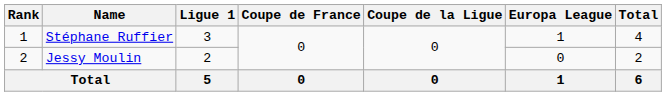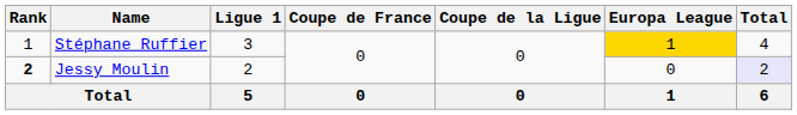 <table class="wikitable" style="text-align: center;">
 <tr>
 <th>Rank</th>
 <th>Name</th>
 <th>Ligue 1</th>
 <th>Coupe de France</th>
 <th>Coupe de la Ligue</th>
 <th>Europa League</th>
 <th>Total</th>
 </tr>
 <tr>
 <td>1</td>
 <td align=left> <a href='#'>Stéphane Ruffier</a></td>
 <td>3</td>
 <td rowspan=2>0</td>
 <td rowspan=2>0</td>
-<td>1</td>
+<td style="background: gold;">1</td>
 <td>4</td>
 </tr>
 <tr>
-<td>2</td>
+<td><strong>2</strong></td>
 <td align=left> <a href='#'>Jessy Moulin</a></td>
 <td>2</td>
 <td>0</td>
-<td>2</td>
+<td style="background: lavender;">2</td>
 </tr>
 <tr>
 <th colspan=2>Total</th>
 <th>5</th>
 <th>0</th>
 <th>0</th>
 <th>1</th>
 <th>6</th>
 </tr>
 </table>
